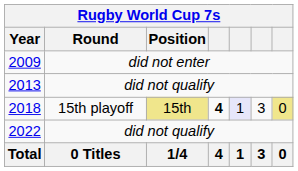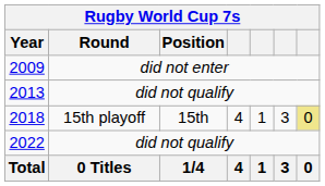 <table class="wikitable" style="text-align: center;">
 <tr>
 <th colspan=7><a href='#'>Rugby World Cup 7s</a></th>
 </tr>
 <tr>
 <th>Year</th>
 <th style="width:6.5em;">Round</th>
 <th style="padding:2px;">Position</th>
 <th style="width:1em;"></th>
 <th style="width:1em;"></th>
 <th style="width:1em;"></th>
 <th style="width:1em;"></th>
 </tr>
 <tr>
 <td> <a href='#'>2009</a></td>
 <td colspan=6><em>did not enter</em></td>
 </tr>
 <tr>
 <td> <a href='#'>2013</a></td>
 <td colspan=6><em>did not qualify</em></td>
 </tr>
 <tr>
 <td> <a href='#'>2018</a></td>
 <td>15th playoff</td>
-<td style="background: khaki;">15th</td>
-<td><strong>4</strong></td>
-<td style="background: lavender;">1</td>
+<td>15th</td>
+<td>4</td>
+<td>1</td>
 <td>3</td>
 <td style="background: khaki;">0</td>
 </tr>
 <tr>
 <td> <a href='#'>2022</a></td>
 <td colspan=6><em>did not qualify</em></td>
 </tr>
 <tr>
 <th>Total</th>
 <th>0 Titles</th>
 <th>1/4</th>
 <th>4</th>
 <th>1</th>
 <th>3</th>
 <th>0</th>
 </tr>
 </table>
